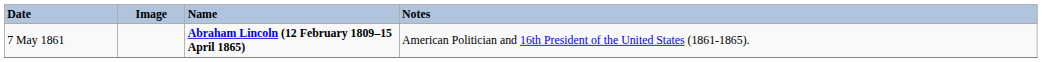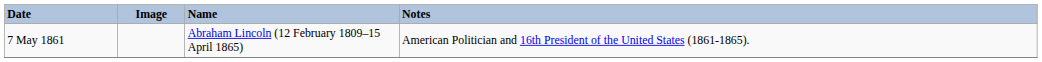 <table class="wikitable" width="75%" style="font-size: 85%; border: gray solid 1px; border-collapse: collapse; text-align: middle;">
 <tr>
 <th style="text-align: left;background:#B0C4DE">Date</th>
 <th style="text-align: center;background:#B0C4DE">Image</th>
 <th width="240" style="text-align: left;background:#B0C4DE">Name</th>
 <th style="text-align: left;background:#B0C4DE">Notes</th>
 </tr>
 <tr>
 <td>7 May 1861</td>
 <td></td>
-<td><strong><a href='#'>Abraham Lincoln</a> (12 February 1809–15 April 1865)</strong></td>
+<td><a href='#'>Abraham Lincoln</a> (12 February 1809–15 April 1865)</td>
 <td>American Politician and <a href='#'>16th President of the United States</a> (1861-1865).</td>
 </tr>
 <tr>
 </tr>
 </table>
